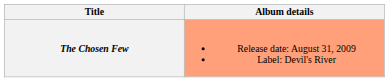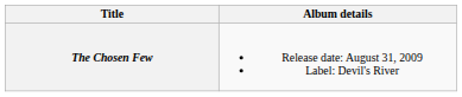 <table class="wikitable plainrowheaders" style="text-align:center;">
 <tr>
 <th style="width:18em;">Title</th>
 <th style="width:20em;">Album details</th>
 </tr>
 <tr>
 <th scope="row"><em>The Chosen Few</em></th>
-<td style="background: lightsalmon;"><br><ul><li>Release date: August 31, 2009</li><li>Label: Devil's River</li></ul></td>
+<td><br><ul><li>Release date: August 31, 2009</li><li>Label: Devil's River</li></ul></td>
 </tr>
 </table>
